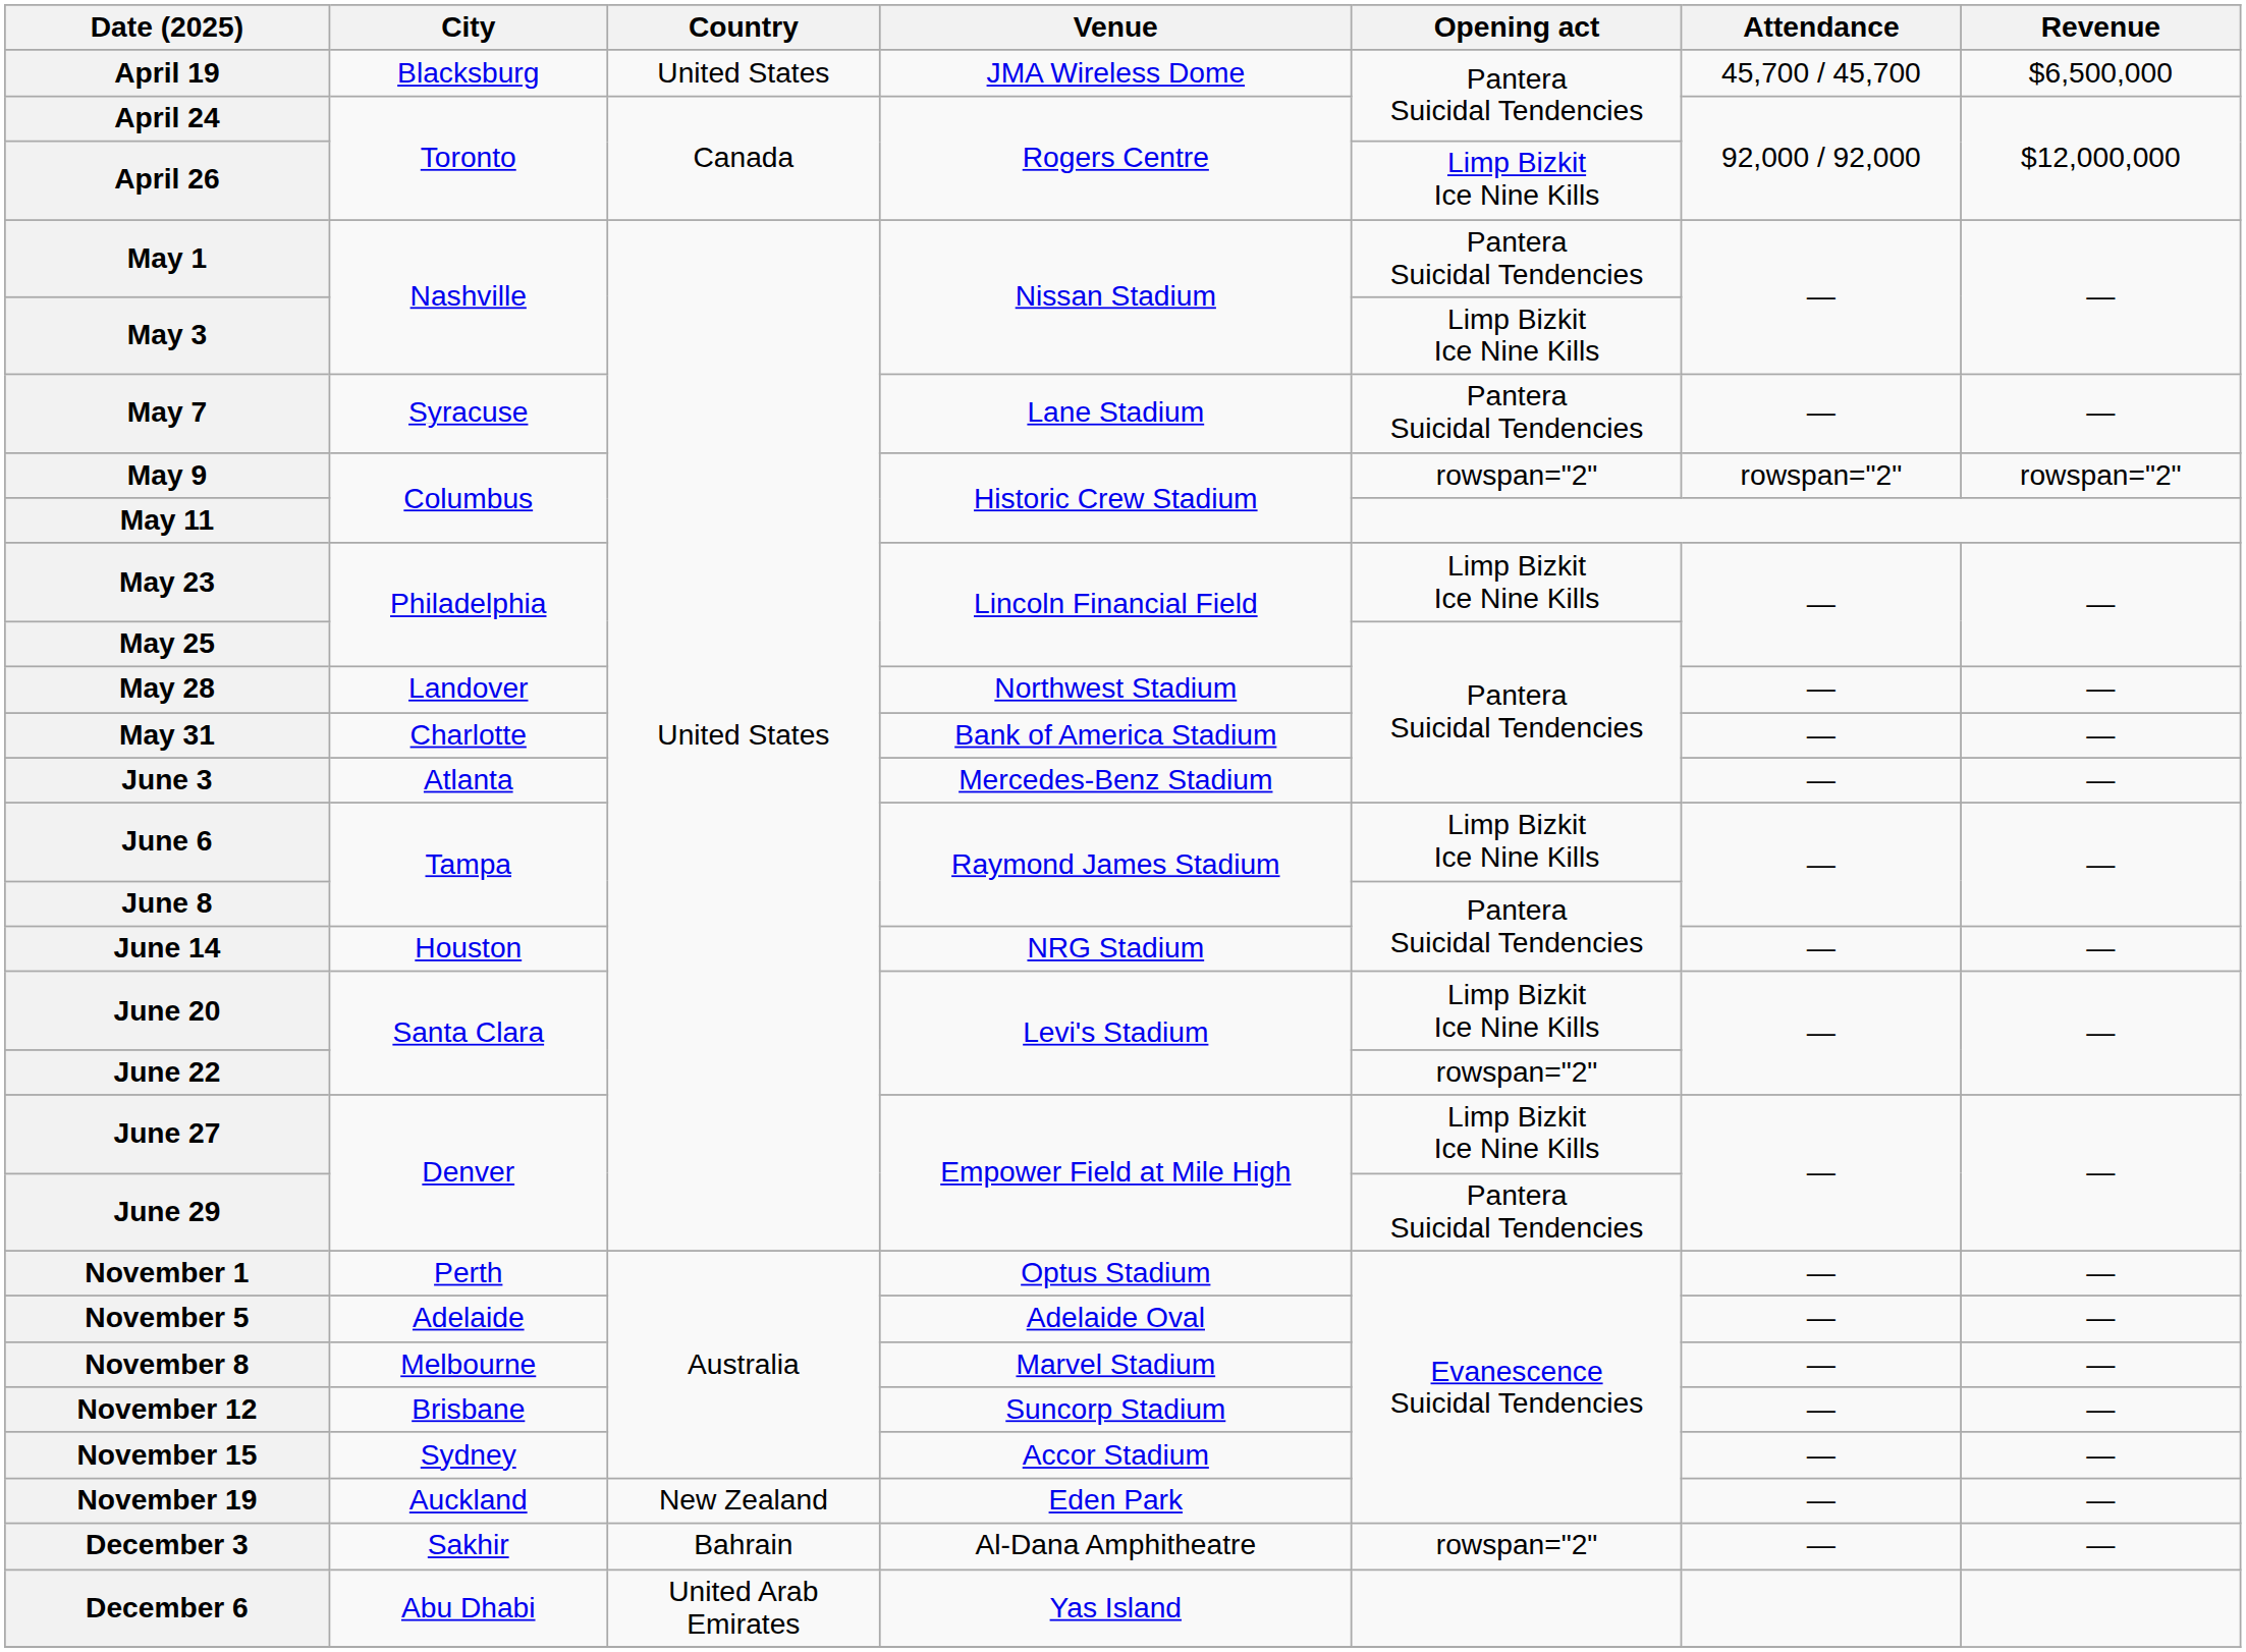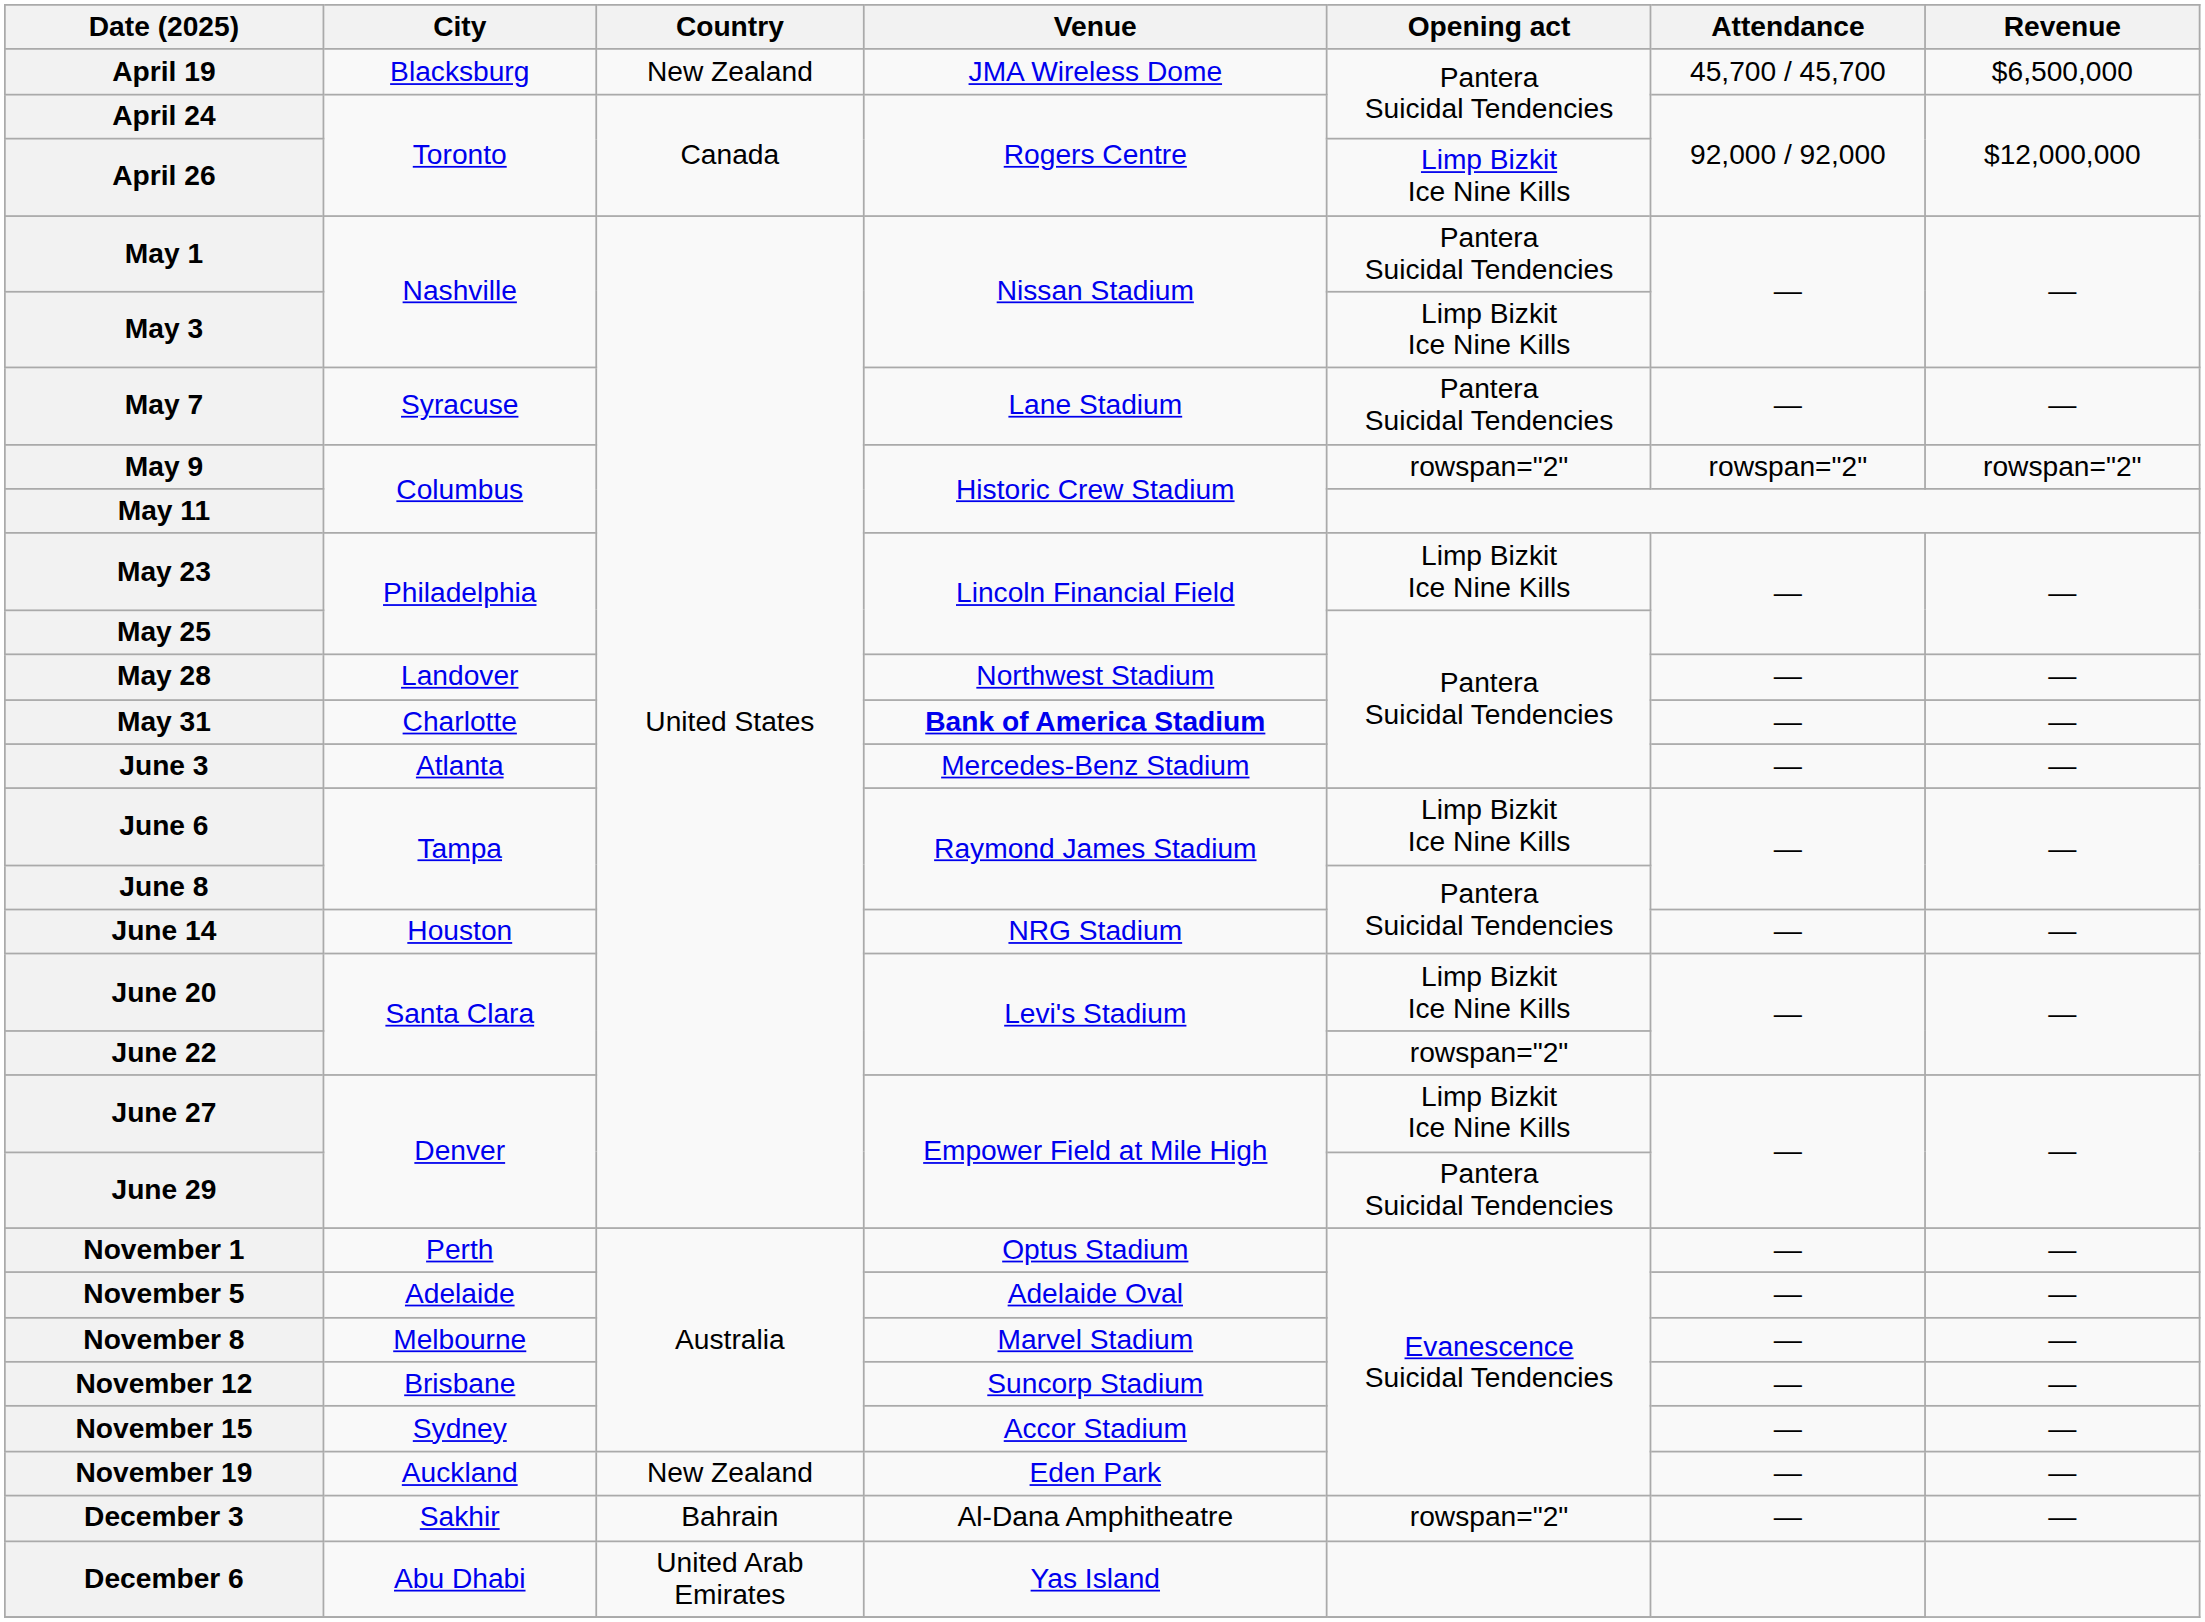 <table class="wikitable plainrowheaders" style="text-align:center;">
 <tr>
 <th scope="col" style="width:12em;">Date (2025)</th>
 <th scope="col" style="width:10em;">City</th>
 <th scope="col" style="width:10em;">Country</th>
 <th scope="col" style="width:18em;">Venue</th>
 <th scope="col" style="width:12em;">Opening act</th>
 <th scope="col" style="width:10em;">Attendance</th>
 <th scope="col" style="width:10em;">Revenue</th>
 </tr>
 <tr>
 <th scope="row" style="text-align:center;">April 19</th>
 <td><a href='#'>Blacksburg</a></td>
-<td>United States</td>
+<td>New Zealand</td>
 <td><a href='#'>JMA Wireless Dome</a></td>
 <td rowspan="2">Pantera<br>Suicidal Tendencies</td>
 <td>45,700 / 45,700</td>
 <td>$6,500,000</td>
 </tr>
 <tr>
 <th scope="row" style="text-align:center;">April 24</th>
 <td rowspan="2"><a href='#'>Toronto</a></td>
 <td rowspan="2">Canada</td>
 <td rowspan="2"><a href='#'>Rogers Centre</a></td>
 <td rowspan="2">92,000 / 92,000</td>
 <td rowspan="2">$12,000,000</td>
 </tr>
 <tr>
 <th scope="row" style="text-align:center;">April 26</th>
 <td><a href='#'>Limp Bizkit</a><br>Ice Nine Kills</td>
 </tr>
 <tr>
 <th scope="row" style="text-align:center;">May 1</th>
 <td rowspan="2"><a href='#'>Nashville</a></td>
 <td rowspan="17">United States</td>
 <td rowspan="2"><a href='#'>Nissan Stadium</a></td>
 <td>Pantera<br>Suicidal Tendencies</td>
 <td rowspan="2">—</td>
 <td rowspan="2">—</td>
 </tr>
 <tr>
 <th scope="row" style="text-align:center;">May 3</th>
 <td>Limp Bizkit<br>Ice Nine Kills</td>
 </tr>
 <tr>
 <th scope="row" style="text-align:center;">May 7</th>
 <td><a href='#'>Syracuse</a></td>
 <td><a href='#'>Lane Stadium</a></td>
 <td>Pantera<br>Suicidal Tendencies</td>
 <td>—</td>
 <td>—</td>
 </tr>
 <tr>
 <th scope="row" style="text-align:center;">May 9</th>
 <td rowspan="2"><a href='#'>Columbus</a></td>
 <td rowspan="2"><a href='#'>Historic Crew Stadium</a></td>
 <td>rowspan="2" </td>
 <td>rowspan="2" </td>
 <td>rowspan="2" </td>
 </tr>
 <tr>
 <th scope="row" style="text-align:center;">May 11</th>
 </tr>
 <tr>
 <th scope="row" style="text-align:center;">May 23</th>
 <td rowspan="2"><a href='#'>Philadelphia</a></td>
 <td rowspan="2"><a href='#'>Lincoln Financial Field</a></td>
 <td>Limp Bizkit<br>Ice Nine Kills</td>
 <td rowspan="2">—</td>
 <td rowspan="2">—</td>
 </tr>
 <tr>
 <th scope="row" style="text-align:center;">May 25</th>
 <td rowspan="4">Pantera<br>Suicidal Tendencies</td>
 </tr>
 <tr>
 <th scope="row" style="text-align:center;">May 28</th>
 <td><a href='#'>Landover</a></td>
 <td><a href='#'>Northwest Stadium</a></td>
 <td>—</td>
 <td>—</td>
 </tr>
 <tr>
 <th scope="row" style="text-align:center;">May 31</th>
 <td><a href='#'>Charlotte</a></td>
-<td><a href='#'>Bank of America Stadium</a></td>
+<td><strong><a href='#'>Bank of America Stadium</a></strong></td>
 <td>—</td>
 <td>—</td>
 </tr>
 <tr>
 <th scope="row" style="text-align:center;">June 3</th>
 <td><a href='#'>Atlanta</a></td>
 <td><a href='#'>Mercedes-Benz Stadium</a></td>
 <td>—</td>
 <td>—</td>
 </tr>
 <tr>
 <th scope="row" style="text-align:center;">June 6</th>
 <td rowspan="2"><a href='#'>Tampa</a></td>
 <td rowspan="2"><a href='#'>Raymond James Stadium</a></td>
 <td>Limp Bizkit<br>Ice Nine Kills</td>
 <td rowspan="2">—</td>
 <td rowspan="2">—</td>
 </tr>
 <tr>
 <th scope="row" style="text-align:center;">June 8</th>
 <td rowspan="2">Pantera<br>Suicidal Tendencies</td>
 </tr>
 <tr>
 <th scope="row" style="text-align:center;">June 14</th>
 <td><a href='#'>Houston</a></td>
 <td><a href='#'>NRG Stadium</a></td>
 <td>—</td>
 <td>—</td>
 </tr>
 <tr>
 <th scope="row" style="text-align:center;">June 20</th>
 <td rowspan="2"><a href='#'>Santa Clara</a></td>
 <td rowspan="2"><a href='#'>Levi's Stadium</a></td>
 <td>Limp Bizkit<br>Ice Nine Kills</td>
 <td rowspan="2">—</td>
 <td rowspan="2">—</td>
 </tr>
 <tr>
 <th scope="row" style="text-align:center;">June 22</th>
 <td>rowspan="2" </td>
 </tr>
 <tr>
 <th scope="row" style="text-align:center;">June 27</th>
 <td rowspan="2"><a href='#'>Denver</a></td>
 <td rowspan="2"><a href='#'>Empower Field at Mile High</a></td>
 <td>Limp Bizkit<br>Ice Nine Kills</td>
 <td rowspan="2">—</td>
 <td rowspan="2">—</td>
 </tr>
 <tr>
 <th scope="row" style="text-align:center;">June 29</th>
 <td>Pantera<br>Suicidal Tendencies</td>
 </tr>
 <tr>
 <th scope="row" style="text-align:center;">November 1</th>
 <td><a href='#'>Perth</a></td>
 <td rowspan="5">Australia</td>
 <td><a href='#'>Optus Stadium</a></td>
 <td rowspan="6"><a href='#'>Evanescence</a><br>Suicidal Tendencies</td>
 <td>—</td>
 <td>—</td>
 </tr>
 <tr>
 <th scope="row" style="text-align:center;">November 5</th>
 <td><a href='#'>Adelaide</a></td>
 <td><a href='#'>Adelaide Oval</a></td>
 <td>—</td>
 <td>—</td>
 </tr>
 <tr>
 <th scope="row" style="text-align:center;">November 8</th>
 <td><a href='#'>Melbourne</a></td>
 <td><a href='#'>Marvel Stadium</a></td>
 <td>—</td>
 <td>—</td>
 </tr>
 <tr>
 <th scope="row" style="text-align:center;">November 12</th>
 <td><a href='#'>Brisbane</a></td>
 <td><a href='#'>Suncorp Stadium</a></td>
 <td>—</td>
 <td>—</td>
 </tr>
 <tr>
 <th scope="row" style="text-align:center;">November 15</th>
 <td><a href='#'>Sydney</a></td>
 <td><a href='#'>Accor Stadium</a></td>
 <td>—</td>
 <td>—</td>
 </tr>
 <tr>
 <th scope="row" style="text-align:center;">November 19</th>
 <td><a href='#'>Auckland</a></td>
 <td>New Zealand</td>
 <td><a href='#'>Eden Park</a></td>
 <td>—</td>
 <td>—</td>
 </tr>
 <tr>
 <th scope="row" style="text-align:center;">December 3</th>
 <td><a href='#'>Sakhir</a></td>
 <td>Bahrain</td>
 <td>Al-Dana Amphitheatre</td>
 <td>rowspan="2" </td>
 <td>—</td>
 <td>—</td>
 </tr>
 <tr>
 <th scope="row" style="text-align:center;">December 6</th>
 <td><a href='#'>Abu Dhabi</a></td>
 <td>United Arab Emirates</td>
 <td><a href='#'>Yas Island</a></td>
 <td></td>
 <td></td>
 </tr>
 <tr>
 </tr>
 </table>
